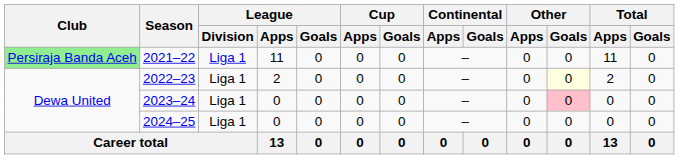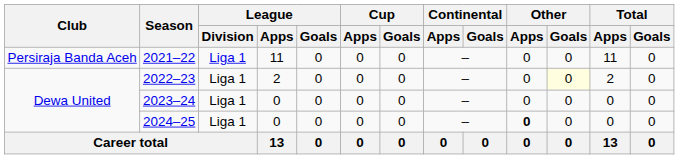 <table class="wikitable" style="text-align: center">
 <tr>
 <th rowspan="2">Club</th>
 <th rowspan="2">Season</th>
 <th colspan="3">League</th>
 <th colspan="2">Cup</th>
 <th colspan="2">Continental</th>
 <th colspan="2">Other</th>
 <th colspan="2">Total</th>
 </tr>
 <tr>
 <th>Division</th>
 <th>Apps</th>
 <th>Goals</th>
 <th>Apps</th>
 <th>Goals</th>
 <th>Apps</th>
 <th>Goals</th>
 <th>Apps</th>
 <th>Goals</th>
 <th>Apps</th>
 <th>Goals</th>
 </tr>
 <tr>
-<td rowspan="1" style="background: lightgreen;"><a href='#'>Persiraja Banda Aceh</a></td>
+<td rowspan="1"><a href='#'>Persiraja Banda Aceh</a></td>
 <td><a href='#'>2021–22</a></td>
 <td rowspan="1" valign="center"><a href='#'>Liga 1</a></td>
 <td>11</td>
 <td>0</td>
 <td>0</td>
 <td>0</td>
 <td colspan="2">–</td>
 <td>0</td>
 <td>0</td>
 <td>11</td>
 <td>0</td>
 </tr>
 <tr>
 <td rowspan="3"><a href='#'>Dewa United</a></td>
 <td><a href='#'>2022–23</a></td>
 <td rowspan="1">Liga 1</td>
 <td>2</td>
 <td>0</td>
 <td>0</td>
 <td>0</td>
 <td colspan="2">–</td>
 <td>0</td>
 <td style="background: lightyellow;">0</td>
 <td>2</td>
 <td>0</td>
 </tr>
 <tr>
 <td><a href='#'>2023–24</a></td>
 <td rowspan="1">Liga 1</td>
 <td>0</td>
 <td>0</td>
 <td>0</td>
 <td>0</td>
 <td colspan="2">–</td>
 <td>0</td>
-<td style="background: pink;">0</td>
+<td>0</td>
 <td>0</td>
 <td>0</td>
 </tr>
 <tr>
 <td><a href='#'>2024–25</a></td>
 <td>Liga 1</td>
 <td>0</td>
 <td>0</td>
 <td>0</td>
 <td>0</td>
 <td colspan="2">–</td>
-<td>0</td>
+<td><strong>0</strong></td>
 <td>0</td>
 <td>0</td>
 <td>0</td>
 </tr>
 <tr>
 <th colspan=3>Career total</th>
 <th>13</th>
 <th>0</th>
 <th>0</th>
 <th>0</th>
 <th>0</th>
 <th>0</th>
 <th>0</th>
 <th>0</th>
 <th>13</th>
 <th>0</th>
 </tr>
 </table>
